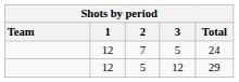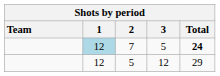 <table class="wikitable" style="width:20em; text-align:right;">
 <tr>
 <th colspan=6>Shots by period</th>
 </tr>
 <tr>
 <th style="width:8em; text-align:left;">Team</th>
 <th style="width:3em;">1</th>
 <th style="width:3em;">2</th>
 <th style="width:3em;">3</th>
 <th style="width:3em;">Total</th>
 </tr>
 <tr>
 <td style="text-align:left;"></td>
-<td align=center>12</td>
+<td align=center style="background: lightblue;">12</td>
 <td align=center>7</td>
 <td align=center>5</td>
-<td align=center>24</td>
+<td align=center><strong>24</strong></td>
 </tr>
 <tr>
 <td style="text-align:left;"></td>
 <td align=center>12</td>
 <td align=center>5</td>
 <td align=center>12</td>
 <td align=center>29</td>
 </tr>
 </table>
